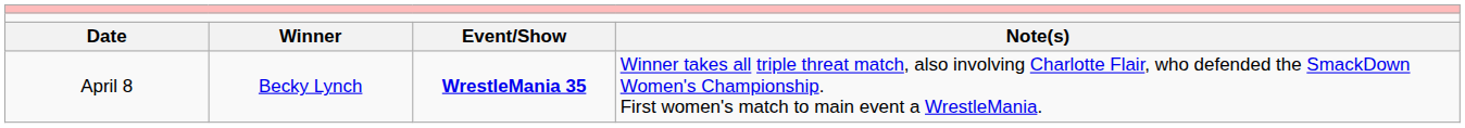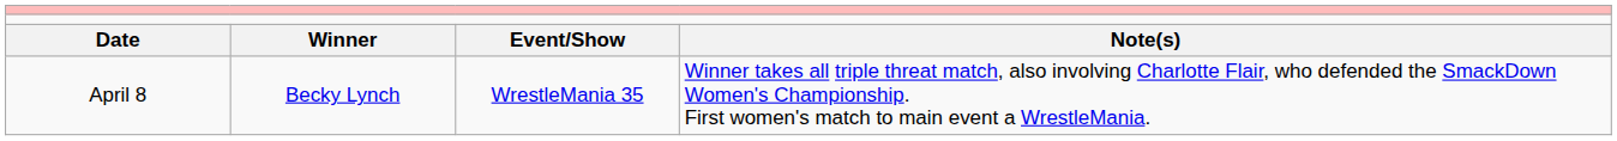 <table class="wikitable" style="text-align:center; width:100%;">
 <tr style="background:#FBB;">
 <td colspan="4"></td>
 </tr>
 <tr>
 <td colspan="4"><strong></strong></td>
 </tr>
 <tr>
 <th width=14%>Date</th>
 <th width=14%>Winner</th>
 <th width=14%>Event/Show</th>
 <th width=58%>Note(s)</th>
 </tr>
 <tr>
 <td>April 8</td>
 <td><a href='#'>Becky Lynch</a></td>
-<td><strong><a href='#'>WrestleMania 35</a></strong></td>
+<td><a href='#'>WrestleMania 35</a></td>
 <td align=left><a href='#'>Winner takes all</a> <a href='#'>triple threat match</a>, also involving <a href='#'>Charlotte Flair</a>, who defended the <a href='#'>SmackDown Women's Championship</a>.<br>First women's match to main event a <a href='#'>WrestleMania</a>.<br></td>
 </tr>
 </table>
